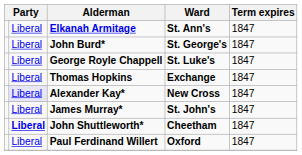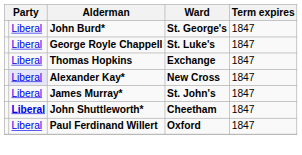 <table class="wikitable">
 <tr>
 <th colspan="2">Party</th>
 <th>Alderman</th>
 <th>Ward</th>
 <th>Term expires</th>
-</tr>
-<tr>
-<td style="background-color:"></td>
-<td><a href='#'>Liberal</a></td>
-<td><strong><a href='#'>Elkanah Armitage</a></strong></td>
-<td><strong>St. Ann's</strong></td>
-<td>1847</td>
 </tr>
 <tr>
 <td style="background-color:"></td>
 <td><a href='#'>Liberal</a></td>
 <td><strong>John Burd*</strong></td>
 <td><strong>St. George's</strong></td>
 <td>1847</td>
 </tr>
 <tr>
 <td style="background-color:"></td>
 <td><a href='#'>Liberal</a></td>
 <td><strong>George Royle Chappell</strong></td>
 <td><strong>St. Luke's</strong></td>
 <td>1847</td>
 </tr>
 <tr>
 <td style="background-color:"></td>
 <td><a href='#'>Liberal</a></td>
 <td><strong>Thomas Hopkins</strong></td>
 <td><strong>Exchange</strong></td>
 <td>1847</td>
 </tr>
 <tr>
 <td style="background-color:"></td>
 <td style="background: lavender;"><a href='#'>Liberal</a></td>
 <td><strong>Alexander Kay*</strong></td>
 <td><strong>New Cross</strong></td>
 <td>1847</td>
 </tr>
 <tr>
 <td style="background-color:"></td>
 <td><a href='#'>Liberal</a></td>
 <td><strong>James Murray*</strong></td>
 <td><strong>St. John's</strong></td>
 <td>1847</td>
 </tr>
 <tr>
 <td style="background-color:"></td>
 <td><strong><a href='#'>Liberal</a></strong></td>
 <td><strong>John Shuttleworth*</strong></td>
 <td><strong>Cheetham</strong></td>
 <td>1847</td>
 </tr>
 <tr>
 <td style="background-color:"></td>
 <td><a href='#'>Liberal</a></td>
 <td><strong>Paul Ferdinand Willert</strong></td>
 <td><strong>Oxford</strong></td>
 <td>1847</td>
 </tr>
 <tr>
 </tr>
 </table>
